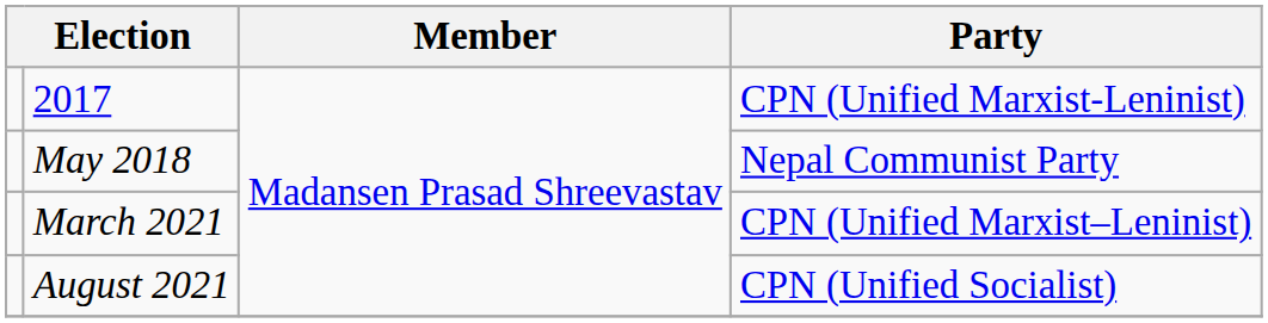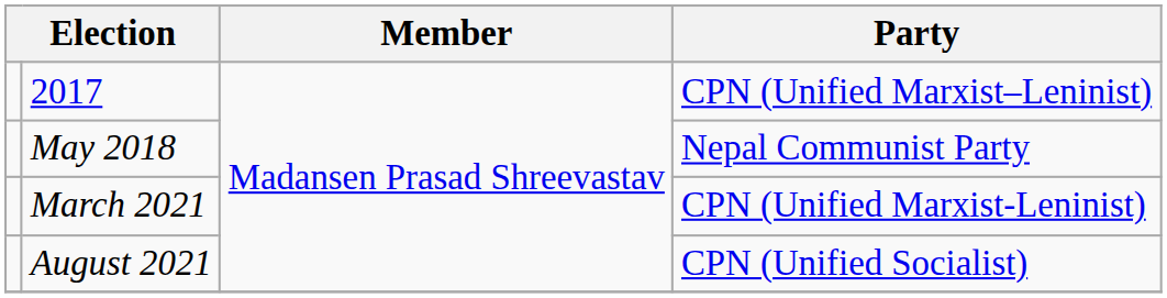 <table class="wikitable">
 <tr>
 <th colspan="2">Election</th>
 <th>Member</th>
 <th>Party</th>
 </tr>
 <tr>
 <td style="background-color:"></td>
 <td><a href='#'>2017</a></td>
 <td rowspan="4"><a href='#'>Madansen Prasad Shreevastav</a></td>
-<td><a href='#'>CPN (Unified Marxist-Leninist)</a></td>
+<td><a href='#'>CPN (Unified Marxist–Leninist)</a></td>
 </tr>
 <tr>
 <td style="background-color:"></td>
 <td><em>May 2018</em></td>
 <td><a href='#'>Nepal Communist Party</a></td>
 </tr>
 <tr>
 <td style="background-color:"></td>
 <td><em>March 2021</em></td>
-<td><a href='#'>CPN (Unified Marxist–Leninist)</a></td>
+<td><a href='#'>CPN (Unified Marxist-Leninist)</a></td>
 </tr>
 <tr>
 <td style="background-color:"></td>
 <td><em>August 2021</em></td>
 <td><a href='#'>CPN (Unified Socialist)</a></td>
 </tr>
 <tr>
 </tr>
 </table>
